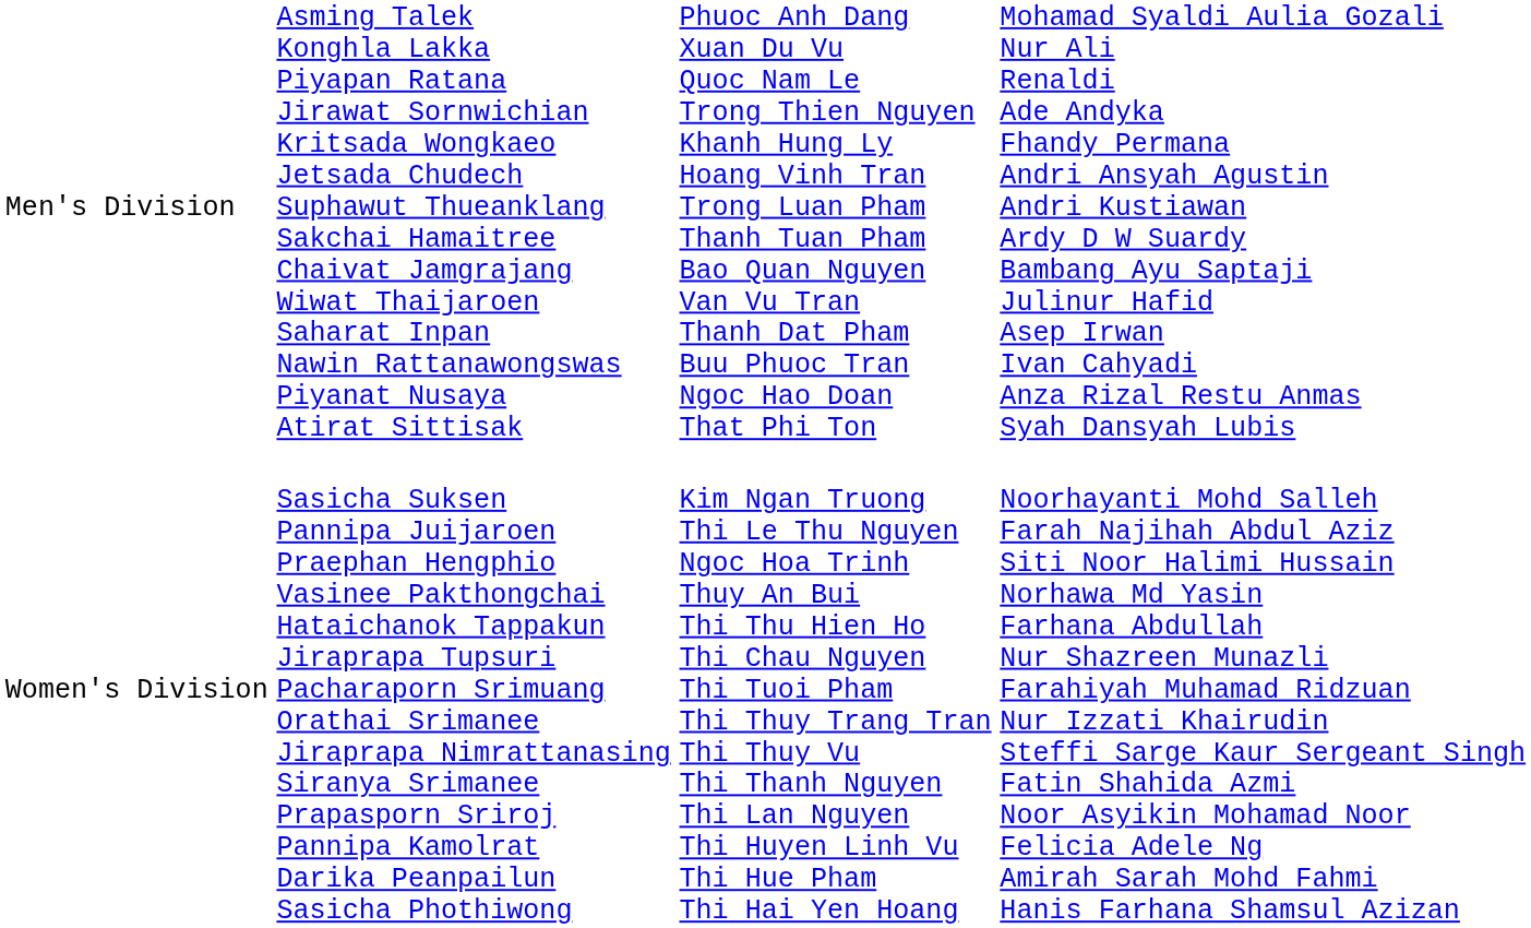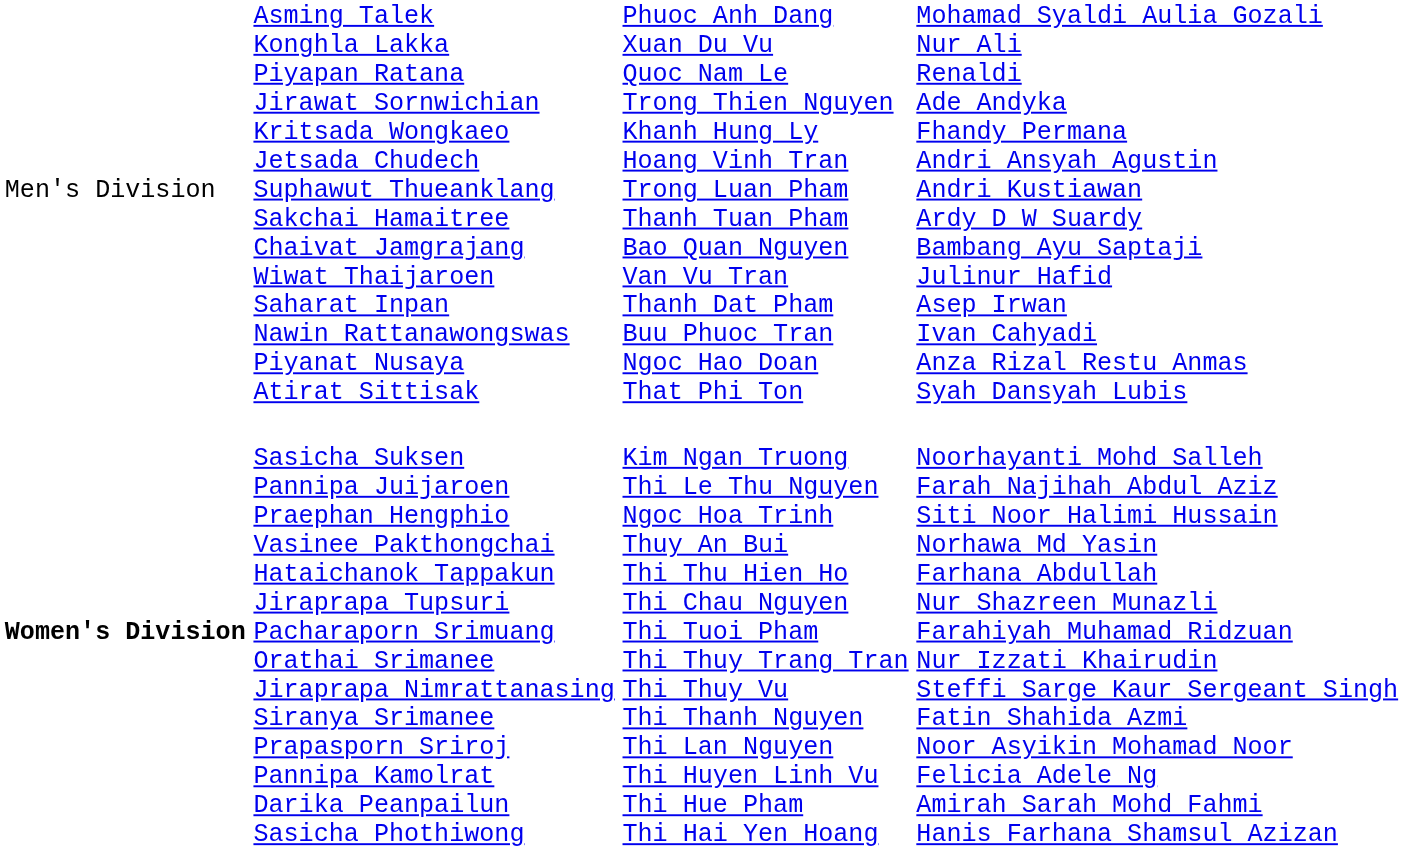 <table>
 <tr>
 <td>Men's Division</td>
 <td><br><a href='#'>Asming Talek</a><br><a href='#'>Konghla Lakka</a><br><a href='#'>Piyapan Ratana</a><br><a href='#'>Jirawat Sornwichian</a><br><a href='#'>Kritsada Wongkaeo</a><br><a href='#'>Jetsada Chudech</a><br><a href='#'>Suphawut Thueanklang</a><br><a href='#'>Sakchai Hamaitree</a><br><a href='#'>Chaivat Jamgrajang</a><br><a href='#'>Wiwat Thaijaroen</a><br><a href='#'>Saharat Inpan</a><br><a href='#'>Nawin Rattanawongswas</a><br><a href='#'>Piyanat Nusaya</a><br><a href='#'>Atirat Sittisak</a></td>
 <td><br><a href='#'>Phuoc Anh Dang</a><br><a href='#'>Xuan Du Vu</a><br><a href='#'>Quoc Nam Le</a><br><a href='#'>Trong Thien Nguyen</a><br><a href='#'>Khanh Hung Ly</a><br><a href='#'>Hoang Vinh Tran</a><br><a href='#'>Trong Luan Pham</a><br><a href='#'>Thanh Tuan Pham</a><br><a href='#'>Bao Quan Nguyen</a><br><a href='#'>Van Vu Tran</a><br><a href='#'>Thanh Dat Pham</a><br><a href='#'>Buu Phuoc Tran</a><br><a href='#'>Ngoc Hao Doan</a><br><a href='#'>That Phi Ton</a></td>
 <td><br><a href='#'>Mohamad Syaldi Aulia Gozali</a><br><a href='#'>Nur Ali</a><br><a href='#'>Renaldi</a><br><a href='#'>Ade Andyka</a><br><a href='#'>Fhandy Permana</a><br><a href='#'>Andri Ansyah Agustin</a><br><a href='#'>Andri Kustiawan</a><br><a href='#'>Ardy D W Suardy</a><br><a href='#'>Bambang Ayu Saptaji</a><br><a href='#'>Julinur Hafid</a><br><a href='#'>Asep Irwan</a><br><a href='#'>Ivan Cahyadi</a><br><a href='#'>Anza Rizal Restu Anmas</a><br><a href='#'>Syah Dansyah Lubis</a></td>
 </tr>
 <tr>
-<td>Women's Division</td>
+<td><strong>Women's Division</strong></td>
 <td><br><a href='#'>Sasicha Suksen</a><br><a href='#'>Pannipa Juijaroen</a><br><a href='#'>Praephan Hengphio</a><br><a href='#'>Vasinee Pakthongchai</a><br><a href='#'>Hataichanok Tappakun</a><br><a href='#'>Jiraprapa Tupsuri</a><br><a href='#'>Pacharaporn Srimuang</a><br><a href='#'>Orathai Srimanee</a><br><a href='#'>Jiraprapa Nimrattanasing</a><br><a href='#'>Siranya Srimanee</a><br><a href='#'>Prapasporn Sriroj</a><br><a href='#'>Pannipa Kamolrat</a><br><a href='#'>Darika Peanpailun</a><br><a href='#'>Sasicha Phothiwong</a></td>
 <td><br><a href='#'>Kim Ngan Truong</a><br><a href='#'>Thi Le Thu Nguyen</a><br><a href='#'>Ngoc Hoa Trinh</a><br><a href='#'>Thuy An Bui</a><br><a href='#'>Thi Thu Hien Ho</a><br><a href='#'>Thi Chau Nguyen</a><br><a href='#'>Thi Tuoi Pham</a><br><a href='#'>Thi Thuy Trang Tran</a><br><a href='#'>Thi Thuy Vu</a><br><a href='#'>Thi Thanh Nguyen</a><br><a href='#'>Thi Lan Nguyen</a><br><a href='#'>Thi Huyen Linh Vu</a><br><a href='#'>Thi Hue Pham</a><br><a href='#'>Thi Hai Yen Hoang</a></td>
 <td><br><a href='#'>Noorhayanti Mohd Salleh</a><br><a href='#'>Farah Najihah Abdul Aziz</a><br><a href='#'>Siti Noor Halimi Hussain</a><br><a href='#'>Norhawa Md Yasin</a><br><a href='#'>Farhana Abdullah</a><br><a href='#'>Nur Shazreen Munazli</a><br><a href='#'>Farahiyah Muhamad Ridzuan</a><br><a href='#'>Nur Izzati Khairudin</a><br><a href='#'>Steffi Sarge Kaur Sergeant Singh</a><br><a href='#'>Fatin Shahida Azmi</a><br><a href='#'>Noor Asyikin Mohamad Noor</a><br><a href='#'>Felicia Adele Ng</a><br><a href='#'>Amirah Sarah Mohd Fahmi</a><br><a href='#'>Hanis Farhana Shamsul Azizan</a></td>
 </tr>
 </table>
